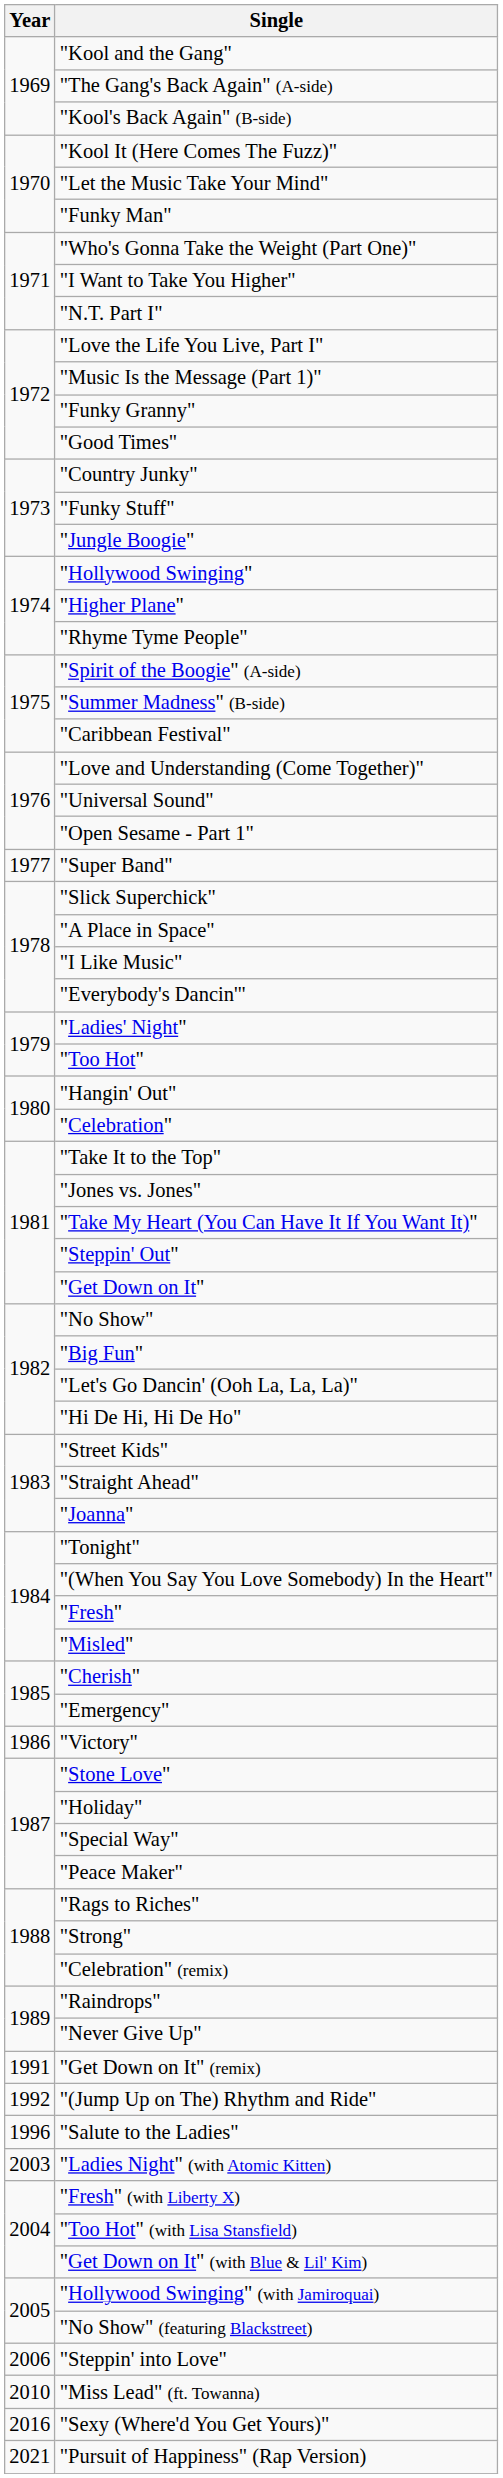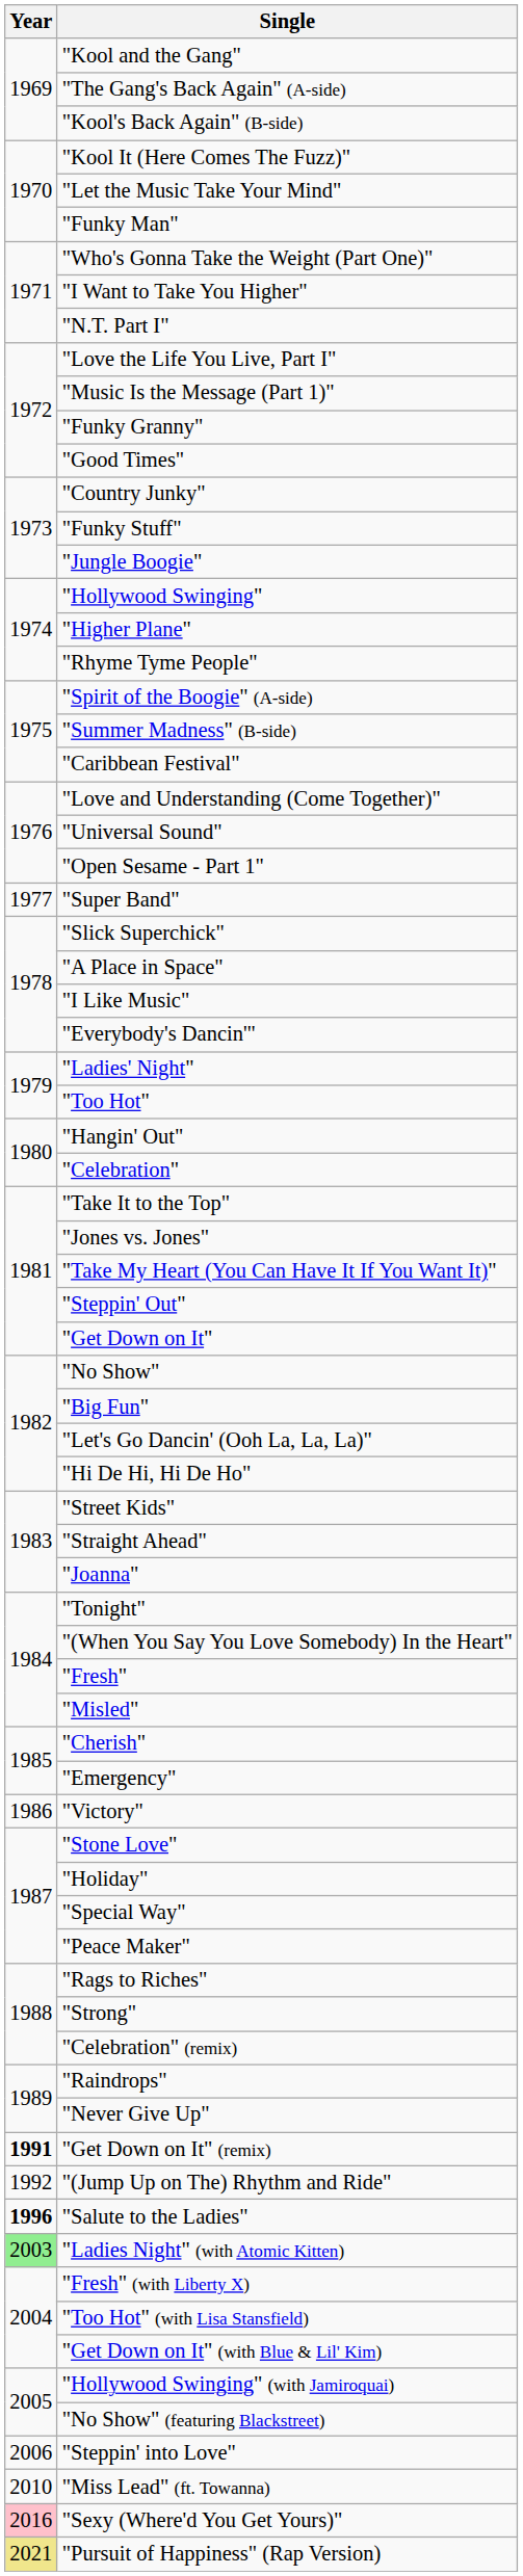 <table class="wikitable">
 <tr>
 <th>Year</th>
 <th>Single</th>
 </tr>
 <tr>
 <td rowspan="3">1969</td>
 <td>"Kool and the Gang"</td>
 </tr>
 <tr>
 <td>"The Gang's Back Again" <small>(A-side)</small></td>
 </tr>
 <tr>
 <td>"Kool's Back Again" <small>(B-side)</small></td>
 </tr>
 <tr>
 <td rowspan="3">1970</td>
 <td>"Kool It (Here Comes The Fuzz)"</td>
 </tr>
 <tr>
 <td>"Let the Music Take Your Mind"</td>
 </tr>
 <tr>
 <td>"Funky Man"</td>
 </tr>
 <tr>
 <td rowspan="3">1971</td>
 <td>"Who's Gonna Take the Weight (Part One)"</td>
 </tr>
 <tr>
 <td>"I Want to Take You Higher"</td>
 </tr>
 <tr>
 <td>"N.T. Part I"</td>
 </tr>
 <tr>
 <td rowspan="4">1972</td>
 <td>"Love the Life You Live, Part I"</td>
 </tr>
 <tr>
 <td>"Music Is the Message (Part 1)"</td>
 </tr>
 <tr>
 <td>"Funky Granny"</td>
 </tr>
 <tr>
 <td>"Good Times"</td>
 </tr>
 <tr>
 <td rowspan="3">1973</td>
 <td>"Country Junky"</td>
 </tr>
 <tr>
 <td>"Funky Stuff"</td>
 </tr>
 <tr>
 <td>"<a href='#'>Jungle Boogie</a>"</td>
 </tr>
 <tr>
 <td rowspan="3">1974</td>
 <td>"<a href='#'>Hollywood Swinging</a>"</td>
 </tr>
 <tr>
 <td>"<a href='#'>Higher Plane</a>"</td>
 </tr>
 <tr>
 <td>"Rhyme Tyme People"</td>
 </tr>
 <tr>
 <td rowspan="3">1975</td>
 <td>"<a href='#'>Spirit of the Boogie</a>" <small>(A-side)</small></td>
 </tr>
 <tr>
 <td>"<a href='#'>Summer Madness</a>" <small>(B-side)</small></td>
 </tr>
 <tr>
 <td>"Caribbean Festival"</td>
 </tr>
 <tr>
 <td rowspan="3">1976</td>
 <td>"Love and Understanding (Come Together)"</td>
 </tr>
 <tr>
 <td>"Universal Sound"</td>
 </tr>
 <tr>
 <td>"Open Sesame - Part 1"</td>
 </tr>
 <tr>
 <td>1977</td>
 <td>"Super Band"</td>
 </tr>
 <tr>
 <td rowspan="4">1978</td>
 <td>"Slick Superchick"</td>
 </tr>
 <tr>
 <td>"A Place in Space"</td>
 </tr>
 <tr>
 <td>"I Like Music"</td>
 </tr>
 <tr>
 <td>"Everybody's Dancin'"</td>
 </tr>
 <tr>
 <td rowspan="2">1979</td>
 <td>"<a href='#'>Ladies' Night</a>"</td>
 </tr>
 <tr>
 <td>"<a href='#'>Too Hot</a>"</td>
 </tr>
 <tr>
 <td rowspan="2">1980</td>
 <td>"Hangin' Out"</td>
 </tr>
 <tr>
 <td>"<a href='#'>Celebration</a>"</td>
 </tr>
 <tr>
 <td rowspan="5">1981</td>
 <td>"Take It to the Top"</td>
 </tr>
 <tr>
 <td>"Jones vs. Jones"</td>
 </tr>
 <tr>
 <td>"<a href='#'>Take My Heart (You Can Have It If You Want It)</a>"</td>
 </tr>
 <tr>
 <td>"<a href='#'>Steppin' Out</a>"</td>
 </tr>
 <tr>
 <td>"<a href='#'>Get Down on It</a>"</td>
 </tr>
 <tr>
 <td rowspan="4">1982</td>
 <td>"No Show"</td>
 </tr>
 <tr>
 <td>"<a href='#'>Big Fun</a>"</td>
 </tr>
 <tr>
 <td>"Let's Go Dancin' (Ooh La, La, La)"</td>
 </tr>
 <tr>
 <td>"Hi De Hi, Hi De Ho"</td>
 </tr>
 <tr>
 <td rowspan="3">1983</td>
 <td>"Street Kids"</td>
 </tr>
 <tr>
 <td>"Straight Ahead"</td>
 </tr>
 <tr>
 <td>"<a href='#'>Joanna</a>"</td>
 </tr>
 <tr>
 <td rowspan="4">1984</td>
 <td>"Tonight"</td>
 </tr>
 <tr>
 <td>"(When You Say You Love Somebody) In the Heart"</td>
 </tr>
 <tr>
 <td>"<a href='#'>Fresh</a>"</td>
 </tr>
 <tr>
 <td>"<a href='#'>Misled</a>"</td>
 </tr>
 <tr>
 <td rowspan="2">1985</td>
 <td>"<a href='#'>Cherish</a>"</td>
 </tr>
 <tr>
 <td>"Emergency"</td>
 </tr>
 <tr>
 <td>1986</td>
 <td>"Victory"</td>
 </tr>
 <tr>
 <td rowspan="4">1987</td>
 <td>"<a href='#'>Stone Love</a>"</td>
 </tr>
 <tr>
 <td>"Holiday"</td>
 </tr>
 <tr>
 <td>"Special Way"</td>
 </tr>
 <tr>
 <td>"Peace Maker"</td>
 </tr>
 <tr>
 <td rowspan="3">1988</td>
 <td>"Rags to Riches"</td>
 </tr>
 <tr>
 <td>"Strong"</td>
 </tr>
 <tr>
 <td>"Celebration" <small>(remix)</small></td>
 </tr>
 <tr>
 <td rowspan="2">1989</td>
 <td>"Raindrops"</td>
 </tr>
 <tr>
 <td>"Never Give Up"</td>
 </tr>
 <tr>
-<td>1991</td>
+<td><strong>1991</strong></td>
 <td>"Get Down on It" <small>(remix)</small></td>
 </tr>
 <tr>
 <td>1992</td>
 <td>"(Jump Up on The) Rhythm and Ride"</td>
 </tr>
 <tr>
-<td>1996</td>
+<td><strong>1996</strong></td>
 <td>"Salute to the Ladies"</td>
 </tr>
 <tr>
-<td>2003</td>
+<td style="background: lightgreen;">2003</td>
 <td>"<a href='#'>Ladies Night</a>" <small>(with <a href='#'>Atomic Kitten</a>)</small></td>
 </tr>
 <tr>
 <td rowspan="3">2004</td>
 <td>"<a href='#'>Fresh</a>" <small>(with <a href='#'>Liberty X</a>)</small></td>
 </tr>
 <tr>
 <td>"<a href='#'>Too Hot</a>" <small>(with <a href='#'>Lisa Stansfield</a>)</small></td>
 </tr>
 <tr>
 <td>"<a href='#'>Get Down on It</a>" <small>(with <a href='#'>Blue</a> & <a href='#'>Lil' Kim</a>)</small></td>
 </tr>
 <tr>
 <td rowspan="2">2005</td>
 <td>"<a href='#'>Hollywood Swinging</a>" <small>(with <a href='#'>Jamiroquai</a>)</small></td>
 </tr>
 <tr>
 <td>"No Show" <small>(featuring <a href='#'>Blackstreet</a>)</small></td>
 </tr>
 <tr>
 <td>2006</td>
 <td>"Steppin' into Love"</td>
 </tr>
 <tr>
 <td>2010</td>
 <td>"Miss Lead" <small>(ft. Towanna)</small></td>
 </tr>
 <tr>
-<td>2016</td>
+<td style="background: pink;">2016</td>
 <td>"Sexy (Where'd You Get Yours)"</td>
 </tr>
 <tr>
-<td>2021</td>
+<td style="background: khaki;">2021</td>
 <td>"Pursuit of Happiness" (Rap Version)</td>
 </tr>
 </table>
